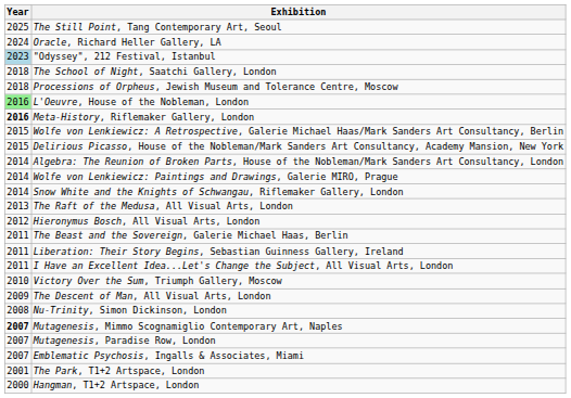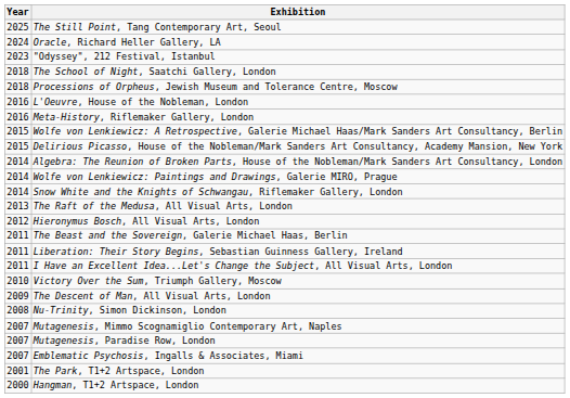 <table class="wikitable">
 <tr>
 <th>Year</th>
 <th>Exhibition</th>
 </tr>
 <tr>
 <td>2025</td>
 <td><em>The Still Point</em>, Tang Contemporary Art, Seoul</td>
 </tr>
 <tr>
 <td>2024</td>
 <td><em>Oracle</em>, Richard Heller Gallery, LA</td>
 </tr>
 <tr>
-<td style="background: lightblue;">2023</td>
+<td>2023</td>
 <td>"Odyssey", 212 Festival, Istanbul</td>
 </tr>
 <tr>
 <td>2018</td>
 <td><em>The School of Night</em>, Saatchi Gallery, London</td>
 </tr>
 <tr>
 <td>2018</td>
 <td><em>Processions of Orpheus</em>, Jewish Museum and Tolerance Centre, Moscow</td>
 </tr>
 <tr>
-<td style="background: lightgreen;">2016</td>
+<td>2016</td>
 <td><em>L'Oeuvre</em>, House of the Nobleman, London</td>
 </tr>
 <tr>
-<td><strong>2016</strong></td>
+<td>2016</td>
 <td><em>Meta-History</em>, Riflemaker Gallery, London</td>
 </tr>
 <tr>
 <td>2015</td>
 <td><em>Wolfe von Lenkiewicz: A Retrospective</em>, Galerie Michael Haas/Mark Sanders Art Consultancy, Berlin</td>
 </tr>
 <tr>
 <td>2015</td>
 <td><em>Delirious Picasso</em>, House of the Nobleman/Mark Sanders Art Consultancy, Academy Mansion, New York</td>
 </tr>
 <tr>
 <td>2014</td>
 <td><em>Algebra: The Reunion of Broken Parts</em>, House of the Nobleman/Mark Sanders Art Consultancy, London</td>
 </tr>
 <tr>
 <td>2014</td>
 <td><em>Wolfe von Lenkiewicz: Paintings and Drawings</em>, Galerie MIRO, Prague</td>
 </tr>
 <tr>
 <td>2014</td>
 <td><em>Snow White and the Knights of Schwangau</em>, Riflemaker Gallery, London</td>
 </tr>
 <tr>
 <td>2013</td>
 <td><em>The Raft of the Medusa</em>, All Visual Arts, London</td>
 </tr>
 <tr>
 <td>2012</td>
 <td><em>Hieronymus Bosch</em>, All Visual Arts, London</td>
 </tr>
 <tr>
 <td>2011</td>
 <td><em>The Beast and the Sovereign</em>, Galerie Michael Haas, Berlin</td>
 </tr>
 <tr>
 <td>2011</td>
 <td><em>Liberation: Their Story Begins</em>, Sebastian Guinness Gallery, Ireland</td>
 </tr>
 <tr>
 <td>2011</td>
 <td><em>I Have an Excellent Idea...Let's Change the Subject</em>, All Visual Arts, London</td>
 </tr>
 <tr>
 <td>2010</td>
 <td><em>Victory Over the Sum</em>, Triumph Gallery, Moscow</td>
 </tr>
 <tr>
 <td>2009</td>
 <td><em>The Descent of Man</em>, All Visual Arts, London</td>
 </tr>
 <tr>
 <td>2008</td>
 <td><em>Nu-Trinity</em>, Simon Dickinson, London</td>
 </tr>
 <tr>
-<td><strong>2007</strong></td>
+<td>2007</td>
 <td><em>Mutagenesis</em>, Mimmo Scognamiglio Contemporary Art, Naples</td>
 </tr>
 <tr>
 <td>2007</td>
 <td><em>Mutagenesis</em>, Paradise Row, London</td>
 </tr>
 <tr>
 <td>2007</td>
 <td><em>Emblematic Psychosis</em>, Ingalls & Associates, Miami</td>
 </tr>
 <tr>
 <td>2001</td>
 <td><em>The Park</em>, T1+2 Artspace, London</td>
 </tr>
 <tr>
 <td>2000</td>
 <td><em>Hangman</em>, T1+2 Artspace, London</td>
 </tr>
 </table>
